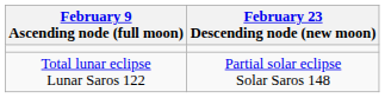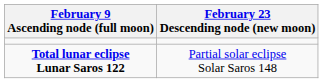 <table class="wikitable">
 <tr>
 <th><a href='#'>February 9</a><br>Ascending node (full moon)</th>
 <th><a href='#'>February 23</a><br>Descending node (new moon)</th>
 </tr>
 <tr>
 <td></td>
 <td></td>
 </tr>
 <tr align=center>
-<td><a href='#'>Total lunar eclipse</a><br>Lunar Saros 122</td>
+<td><strong><a href='#'>Total lunar eclipse</a><br>Lunar Saros 122</strong></td>
 <td><a href='#'>Partial solar eclipse</a><br>Solar Saros 148</td>
 </tr>
 </table>
